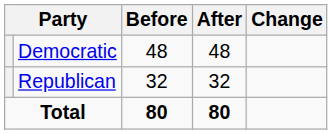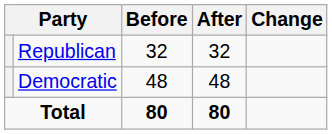 <table class="wikitable" style="text-align:center;">
 <tr>
 <th colspan="2">Party</th>
 <th>Before</th>
 <th>After</th>
 <th>Change</th>
 </tr>
 <tr>
 <th style="background-color:"></th>
-<td style="text-align:left;"><a href='#'>Democratic</a></td>
-<td>48</td>
-<td>48</td>
+<td style="text-align:left;"><a href='#'>Republican</a></td>
+<td>32</td>
+<td>32</td>
 <td></td>
 </tr>
 <tr>
 <th style="background-color:"></th>
-<td style="text-align:left;"><a href='#'>Republican</a></td>
-<td>32</td>
-<td>32</td>
+<td style="text-align:left;"><a href='#'>Democratic</a></td>
+<td>48</td>
+<td>48</td>
 <td></td>
 </tr>
 <tr>
 <td colspan="2"><strong>Total</strong></td>
 <td><strong>80</strong></td>
 <td><strong>80</strong></td>
 <td></td>
 </tr>
 </table>
